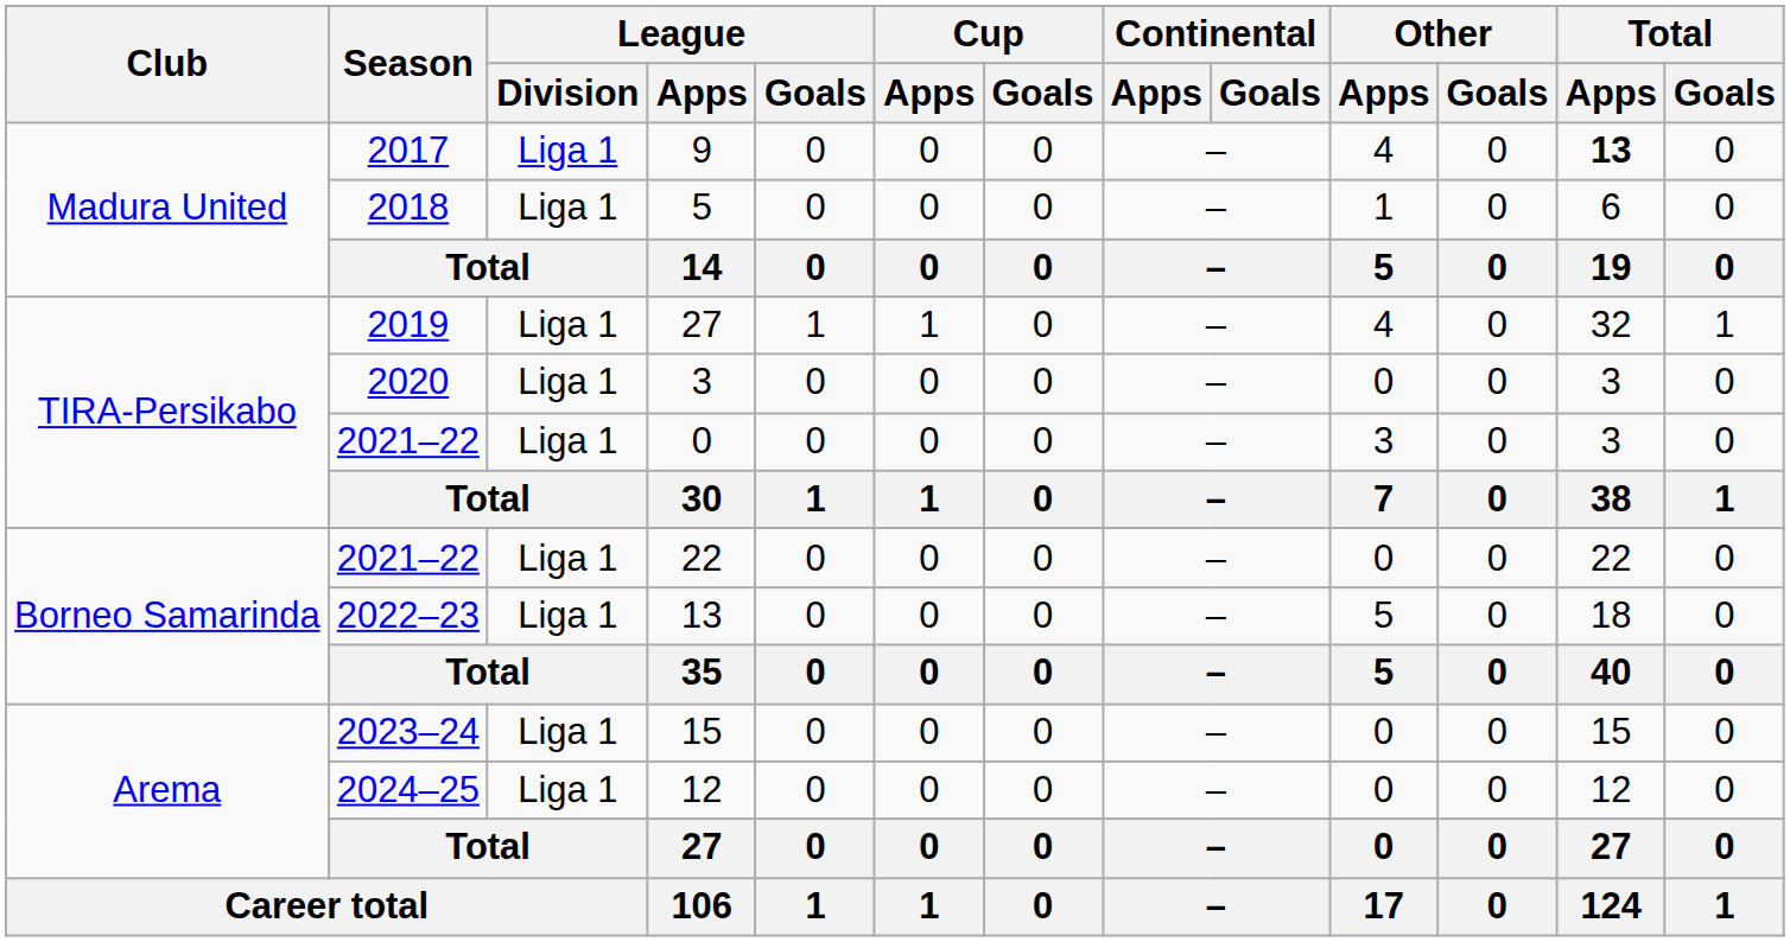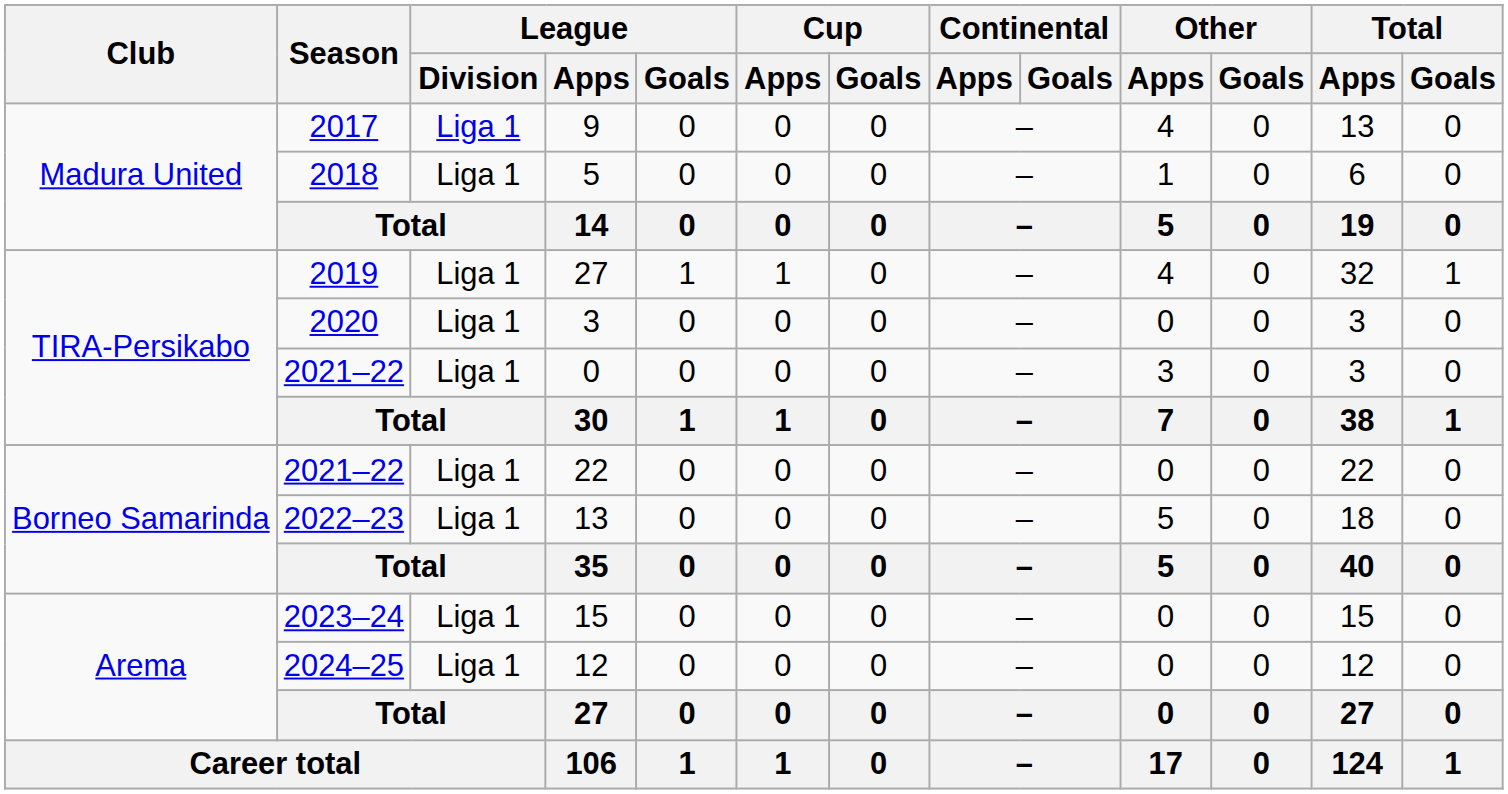 <table class="wikitable" style="text-align:center">
 <tr>
 <th rowspan="2">Club</th>
 <th rowspan="2">Season</th>
 <th colspan="3">League</th>
 <th colspan="2">Cup</th>
 <th colspan="2">Continental</th>
 <th colspan="2">Other</th>
 <th colspan="2">Total</th>
 </tr>
 <tr>
 <th>Division</th>
 <th>Apps</th>
 <th>Goals</th>
 <th>Apps</th>
 <th>Goals</th>
 <th>Apps</th>
 <th>Goals</th>
 <th>Apps</th>
 <th>Goals</th>
 <th>Apps</th>
 <th>Goals</th>
 </tr>
 <tr>
 <td rowspan="3" valign="center"><a href='#'>Madura United</a></td>
 <td><a href='#'>2017</a></td>
 <td rowspan="1" valign="center"><a href='#'>Liga 1</a></td>
 <td>9</td>
 <td>0</td>
 <td>0</td>
 <td>0</td>
 <td colspan="2">–</td>
 <td>4</td>
 <td>0</td>
-<td><strong>13</strong></td>
+<td>13</td>
 <td>0</td>
 </tr>
 <tr>
 <td><a href='#'>2018</a></td>
 <td rowspan="1" valign="center">Liga 1</td>
 <td>5</td>
 <td>0</td>
 <td>0</td>
 <td>0</td>
 <td colspan="2">–</td>
 <td>1</td>
 <td>0</td>
 <td>6</td>
 <td>0</td>
 </tr>
 <tr>
 <th colspan="2">Total</th>
 <th>14</th>
 <th>0</th>
 <th>0</th>
 <th>0</th>
 <th colspan="2">–</th>
 <th>5</th>
 <th>0</th>
 <th>19</th>
 <th>0</th>
 </tr>
 <tr>
 <td rowspan="4" valign="center"><a href='#'>TIRA-Persikabo</a></td>
 <td><a href='#'>2019</a></td>
 <td rowspan="1" valign="center">Liga 1</td>
 <td>27</td>
 <td>1</td>
 <td>1</td>
 <td>0</td>
 <td colspan="2">–</td>
 <td>4</td>
 <td>0</td>
 <td>32</td>
 <td>1</td>
 </tr>
 <tr>
 <td><a href='#'>2020</a></td>
 <td rowspan="1" valign="center">Liga 1</td>
 <td>3</td>
 <td>0</td>
 <td>0</td>
 <td>0</td>
 <td colspan="2">–</td>
 <td>0</td>
 <td>0</td>
 <td>3</td>
 <td>0</td>
 </tr>
 <tr>
 <td><a href='#'>2021–22</a></td>
 <td rowspan="1" valign="center">Liga 1</td>
 <td>0</td>
 <td>0</td>
 <td>0</td>
 <td>0</td>
 <td colspan="2">–</td>
 <td>3</td>
 <td>0</td>
 <td>3</td>
 <td>0</td>
 </tr>
 <tr>
 <th colspan="2">Total</th>
 <th>30</th>
 <th>1</th>
 <th>1</th>
 <th>0</th>
 <th colspan="2">–</th>
 <th>7</th>
 <th>0</th>
 <th>38</th>
 <th>1</th>
 </tr>
 <tr>
 <td rowspan="3" valign="center"><a href='#'>Borneo Samarinda</a></td>
 <td><a href='#'>2021–22</a></td>
 <td rowspan="1" valign="center">Liga 1</td>
 <td>22</td>
 <td>0</td>
 <td>0</td>
 <td>0</td>
 <td colspan="2">–</td>
 <td>0</td>
 <td>0</td>
 <td>22</td>
 <td>0</td>
 </tr>
 <tr>
 <td><a href='#'>2022–23</a></td>
 <td rowspan="1">Liga 1</td>
 <td>13</td>
 <td>0</td>
 <td>0</td>
 <td>0</td>
 <td colspan="2">–</td>
 <td>5</td>
 <td>0</td>
 <td>18</td>
 <td>0</td>
 </tr>
 <tr>
 <th colspan="2">Total</th>
 <th>35</th>
 <th>0</th>
 <th>0</th>
 <th>0</th>
 <th colspan="2">–</th>
 <th>5</th>
 <th>0</th>
 <th>40</th>
 <th>0</th>
 </tr>
 <tr>
 <td rowspan="3" valign="center"><a href='#'>Arema</a></td>
 <td><a href='#'>2023–24</a></td>
 <td rowspan="1" valign="center">Liga 1</td>
 <td>15</td>
 <td>0</td>
 <td>0</td>
 <td>0</td>
 <td colspan="2">–</td>
 <td>0</td>
 <td>0</td>
 <td>15</td>
 <td>0</td>
 </tr>
 <tr>
 <td><a href='#'>2024–25</a></td>
 <td rowspan="1">Liga 1</td>
 <td>12</td>
 <td>0</td>
 <td>0</td>
 <td>0</td>
 <td colspan="2">–</td>
 <td>0</td>
 <td>0</td>
 <td>12</td>
 <td>0</td>
 </tr>
 <tr>
 <th colspan="2">Total</th>
 <th>27</th>
 <th>0</th>
 <th>0</th>
 <th>0</th>
 <th colspan="2">–</th>
 <th>0</th>
 <th>0</th>
 <th>27</th>
 <th>0</th>
 </tr>
 <tr>
 <th colspan="3">Career total</th>
 <th>106</th>
 <th>1</th>
 <th>1</th>
 <th>0</th>
 <th colspan="2">–</th>
 <th>17</th>
 <th>0</th>
 <th>124</th>
 <th>1</th>
 </tr>
 </table>
